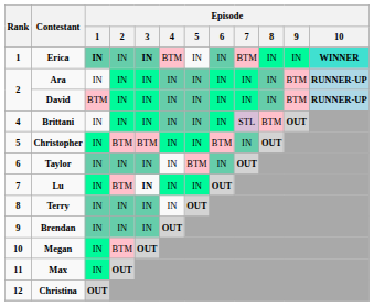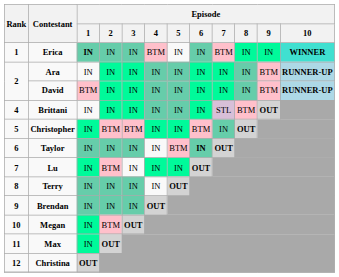 <table class="wikitable" style="text-align: center; font-size: 8.5pt; line-height:20px;">
 <tr>
 <th rowspan=2>Rank</th>
 <th rowspan=2>Contestant</th>
 <th colspan=10>Episode</th>
 </tr>
 <tr>
 <th>1</th>
 <th>2</th>
 <th>3</th>
 <th>4</th>
 <th>5</th>
 <th>6</th>
 <th>7</th>
 <th>8</th>
 <th>9</th>
 <th>10</th>
 </tr>
 <tr>
 <td><strong>1</strong></td>
 <td><strong>Erica</strong></td>
 <td style="background:#66CDAA;"><strong>IN</strong></td>
 <td style="background:#66CDAA;">IN</td>
-<td style="background:#66CDAA;"><strong>IN</strong></td>
+<td style="background:#66CDAA;">IN</td>
 <td style="background:pink;">BTM</td>
 <td>IN</td>
 <td style="background:#66CDAA;">IN</td>
 <td style="background:pink;">BTM</td>
 <td style="background:#00FA9A;">IN</td>
 <td style="background:#00FA9A;">IN</td>
 <td style="background:turquoise"><strong>WINNER</strong></td>
 </tr>
 <tr>
 <td rowspan="2"><strong>2</strong></td>
 <td><strong>Ara</strong></td>
 <td>IN</td>
 <td style="background:#00FA9A;">IN</td>
 <td style="background:#00FA9A;">IN</td>
 <td style="background:#66CDAA;">IN</td>
 <td style="background:#66CDAA;">IN</td>
 <td style="background:#00FA9A;">IN</td>
 <td style="background:#00FA9A;">IN</td>
 <td style="background:#66CDAA;">IN</td>
 <td style="background:pink;">BTM</td>
 <td style="background:lightblue"><strong>RUNNER-UP</strong></td>
 </tr>
 <tr>
 <td><strong>David</strong></td>
 <td style="background:pink;">BTM</td>
 <td style="background:#00FA9A;">IN</td>
 <td style="background:#00FA9A;">IN</td>
 <td style="background:#66CDAA;">IN</td>
 <td style="background:#66CDAA;">IN</td>
 <td style="background:#00FA9A;">IN</td>
 <td style="background:#00FA9A;">IN</td>
 <td style="background:#66CDAA;">IN</td>
 <td style="background:pink;">BTM</td>
 <td style="background:lightblue"><strong>RUNNER-UP</strong></td>
 </tr>
 <tr>
 <td><strong>4</strong></td>
 <td><strong>Brittani</strong></td>
 <td>IN</td>
 <td style="background:#00FA9A;">IN</td>
 <td style="background:#00FA9A;">IN</td>
 <td style="background:#66CDAA;">IN</td>
 <td style="background:#66CDAA;">IN</td>
 <td style="background:#00FA9A;">IN</td>
 <td style="background:#D8BFD8;">STL</td>
 <td style="background:pink;">BTM</td>
 <td style="background:lightgray;"><strong>OUT</strong></td>
 <td colspan="8" style="background:darkgrey;"></td>
 </tr>
 <tr>
 <td><strong>5</strong></td>
 <td><strong>Christopher</strong></td>
 <td style="background:#00FA9A;">IN</td>
 <td style="background:pink;">BTM</td>
 <td style="background:pink;">BTM</td>
 <td style="background:#00FA9A;">IN</td>
 <td style="background:#00FA9A;">IN</td>
 <td style="background:pink;">BTM</td>
 <td style="background:#66CDAA;">IN</td>
 <td style="background:lightgray;"><strong>OUT</strong></td>
 <td colspan="8" style="background:darkgrey;"></td>
 </tr>
 <tr>
 <td><strong>6</strong></td>
 <td><strong>Taylor</strong></td>
 <td style="background:#66CDAA;">IN</td>
 <td style="background:#66CDAA;">IN</td>
 <td style="background:#66CDAA;">IN</td>
 <td>IN</td>
 <td style="background:pink;">BTM</td>
-<td style="background:#66CDAA;">IN</td>
+<td style="background:#66CDAA;"><strong>IN</strong></td>
 <td style="background:lightgray;"><strong>OUT</strong></td>
 <td colspan="8" style="background:darkgrey;"></td>
 </tr>
 <tr>
 <td><strong>7</strong></td>
 <td><strong>Lu</strong></td>
 <td style="background:#00FA9A;">IN</td>
 <td style="background:pink;">BTM</td>
-<td><strong>IN</strong></td>
+<td>IN</td>
 <td style="background:#00FA9A;">IN</td>
 <td style="background:#00FA9A;">IN</td>
 <td style="background:lightgray;"><strong>OUT</strong></td>
 <td colspan="8" style="background:darkgrey;"></td>
 </tr>
 <tr>
 <td><strong>8</strong></td>
 <td><strong>Terry</strong></td>
 <td style="background:#66CDAA;">IN</td>
 <td style="background:#66CDAA;">IN</td>
 <td style="background:#66CDAA;">IN</td>
 <td>IN</td>
 <td style="background:lightgray;"><strong>OUT</strong></td>
 <td colspan="8" style="background:darkgrey;"></td>
 </tr>
 <tr>
 <td><strong>9</strong></td>
 <td><strong>Brendan</strong></td>
 <td style="background:#66CDAA;">IN</td>
 <td style="background:#66CDAA;">IN</td>
 <td style="background:#66CDAA;">IN</td>
 <td style="background:lightgray;"><strong>OUT</strong></td>
 <td colspan="8" style="background:darkgrey;"></td>
 </tr>
 <tr>
 <td><strong>10</strong></td>
 <td><strong>Megan</strong></td>
 <td style="background:#00FA9A;">IN</td>
 <td style="background:pink;">BTM</td>
 <td style="background:lightgray;"><strong>OUT</strong></td>
 <td colspan="8" style="background:darkgrey;"></td>
 </tr>
 <tr>
 <td><strong>11</strong></td>
 <td><strong>Max</strong></td>
 <td style="background:#00FA9A;">IN</td>
 <td style="background:lightgray;"><strong>OUT</strong></td>
 <td colspan="8" style="background:darkgrey;"></td>
 </tr>
 <tr>
 <td><strong>12</strong></td>
 <td><strong>Christina</strong></td>
 <td style="background:lightgray;"><strong>OUT</strong></td>
 <td colspan="9" style="background:darkgrey;"></td>
 </tr>
 <tr>
 </tr>
 </table>
